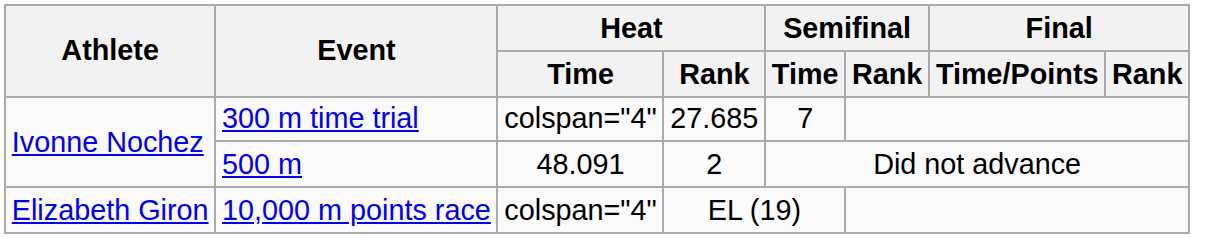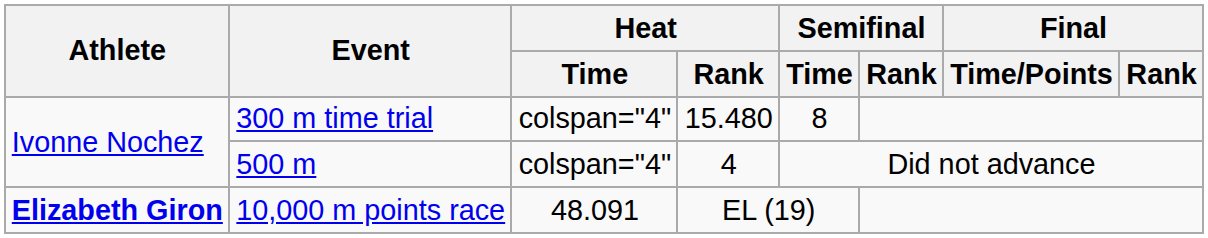 <table class="wikitable" border="1" style="font-size:90%">
 <tr>
 <th rowspan=2>Athlete</th>
 <th rowspan=2>Event</th>
 <th colspan=2>Heat</th>
 <th colspan=2>Semifinal</th>
 <th colspan=2>Final</th>
 </tr>
 <tr>
 <th>Time</th>
 <th>Rank</th>
 <th>Time</th>
 <th>Rank</th>
 <th>Time/Points</th>
 <th>Rank</th>
 </tr>
 <tr align=center>
 <td rowspan="2" align=left><a href='#'>Ivonne Nochez</a></td>
 <td align=left><a href='#'>300 m time trial</a></td>
 <td>colspan="4" </td>
-<td>27.685</td>
-<td>7</td>
+<td>15.480</td>
+<td>8</td>
 </tr>
 <tr align=center>
 <td align=left><a href='#'>500 m</a></td>
-<td>48.091</td>
-<td>2</td>
+<td>colspan="4" </td>
+<td>4</td>
 <td colspan="4">Did not advance</td>
 </tr>
 <tr align=center>
-<td align=left><a href='#'>Elizabeth Giron</a></td>
+<td align=left><strong><a href='#'>Elizabeth Giron</a></strong></td>
 <td align=left><a href='#'>10,000 m points race</a></td>
-<td>colspan="4" </td>
+<td>48.091</td>
 <td colspan="2">EL (19)</td>
 </tr>
 </table>
